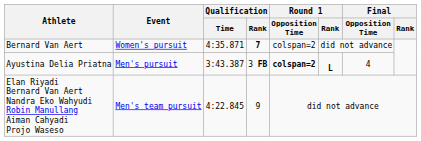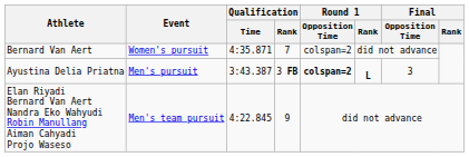 <table class=wikitable style=font-size:90%;text-align:center>
 <tr>
 <th rowspan="2">Athlete</th>
 <th rowspan="2">Event</th>
 <th colspan=2>Qualification</th>
 <th colspan=2>Round 1</th>
 <th colspan=2>Final</th>
 </tr>
 <tr style="font-size:95%">
 <th>Time</th>
 <th>Rank</th>
 <th>Opposition<br>Time</th>
 <th>Rank</th>
 <th>Opposition<br>Time</th>
 <th>Rank</th>
 </tr>
 <tr>
 <td align=left>Bernard Van Aert</td>
 <td align=left><a href='#'>Women's pursuit</a></td>
 <td>4:35.871</td>
-<td><strong>7</strong></td>
+<td>7</td>
 <td>colspan=2 </td>
 <td colspan=2>did not advance</td>
 </tr>
 <tr>
 <td align=left>Ayustina Delia Priatna</td>
 <td align=left><a href='#'>Men's pursuit</a></td>
 <td>3:43.387</td>
 <td>3 <strong>FB</strong></td>
 <td><strong>colspan=2 </strong></td>
 <td><br><strong>L</strong></td>
-<td>4</td>
+<td>3</td>
 </tr>
 <tr>
 <td align=left>Elan Riyadi<br>Bernard Van Aert<br>Nandra Eko Wahyudi<br><a href='#'>Robin Manullang</a><br>Aiman Cahyadi<br>Projo Waseso</td>
 <td align=left><a href='#'>Men's team pursuit</a></td>
 <td>4:22.845</td>
 <td>9</td>
 <td colspan=4>did not advance</td>
 </tr>
 </table>
